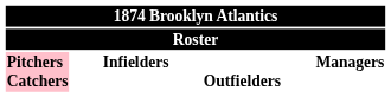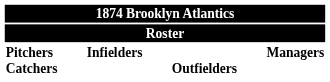 <table class="toccolours" style="font-size: 95%;">
 <tr>
 <th colspan="10" style="background-color: black; color:white; text-align: center;">1874 Brooklyn Atlantics</th>
 </tr>
 <tr>
 <td colspan="10" style="background-color:black; color: white; text-align: center;"><strong>Roster</strong></td>
 </tr>
 <tr>
-<td valign="top" style="background: pink;"><strong>Pitchers</strong><br> <strong>Catchers</strong>    </td>
+<td valign="top"><strong>Pitchers</strong><br> <strong>Catchers</strong>    </td>
 <td width="25px"></td>
 <td valign="top"><strong>Infielders</strong><br>          </td>
 <td width="25px"></td>
 <td valign="top"><br><strong>Outfielders</strong>     </td>
 <td width="25px"></td>
 <td valign="top"><strong>Managers</strong><br></td>
 </tr>
 </table>
